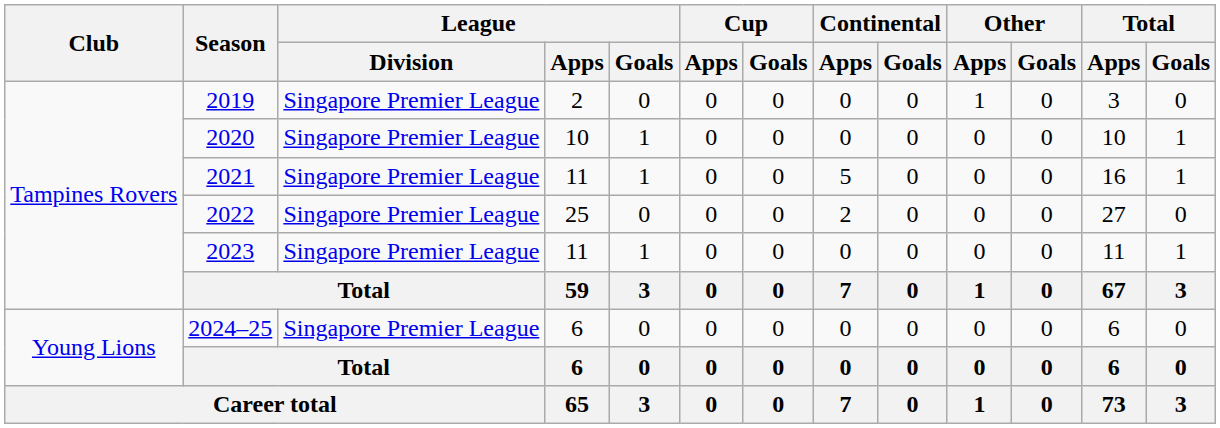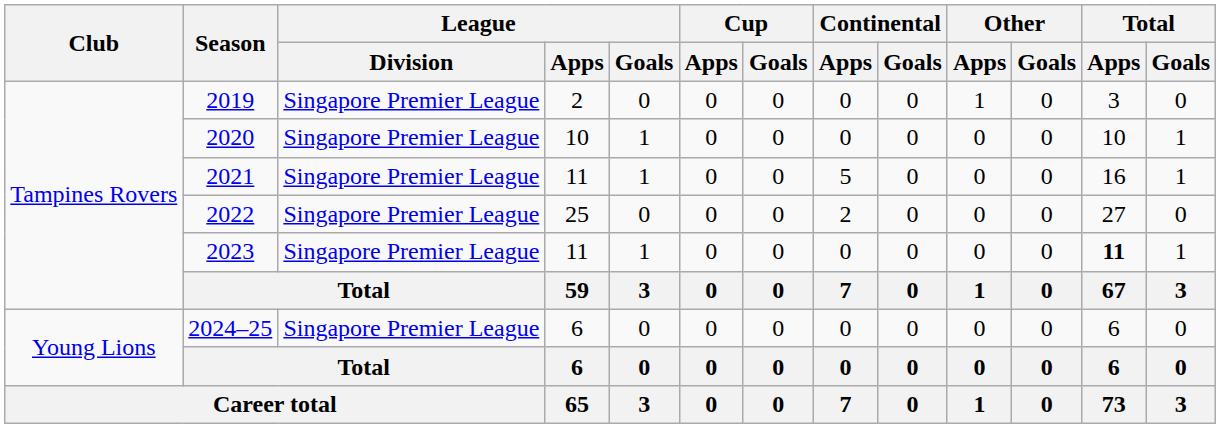 <table class="wikitable" style="text-align: center">
 <tr>
 <th rowspan="2">Club</th>
 <th rowspan="2">Season</th>
 <th colspan="3">League</th>
 <th colspan="2">Cup</th>
 <th colspan="2">Continental</th>
 <th colspan="2">Other</th>
 <th colspan="2">Total</th>
 </tr>
 <tr>
 <th>Division</th>
 <th>Apps</th>
 <th>Goals</th>
 <th>Apps</th>
 <th>Goals</th>
 <th>Apps</th>
 <th>Goals</th>
 <th>Apps</th>
 <th>Goals</th>
 <th>Apps</th>
 <th>Goals</th>
 </tr>
 <tr>
 <td rowspan="6"> <a href='#'>Tampines Rovers</a></td>
 <td><a href='#'>2019</a></td>
 <td><a href='#'>Singapore Premier League</a></td>
 <td>2</td>
 <td>0</td>
 <td>0</td>
 <td>0</td>
 <td>0</td>
 <td>0</td>
 <td>1</td>
 <td>0</td>
 <td>3</td>
 <td>0</td>
 </tr>
 <tr>
 <td><a href='#'>2020</a></td>
 <td><a href='#'>Singapore Premier League</a></td>
 <td>10</td>
 <td>1</td>
 <td>0</td>
 <td>0</td>
 <td>0</td>
 <td>0</td>
 <td>0</td>
 <td>0</td>
 <td>10</td>
 <td>1</td>
 </tr>
 <tr>
 <td><a href='#'>2021</a></td>
 <td><a href='#'>Singapore Premier League</a></td>
 <td>11</td>
 <td>1</td>
 <td>0</td>
 <td>0</td>
 <td>5</td>
 <td>0</td>
 <td>0</td>
 <td>0</td>
 <td>16</td>
 <td>1</td>
 </tr>
 <tr>
 <td><a href='#'>2022</a></td>
 <td><a href='#'>Singapore Premier League</a></td>
 <td>25</td>
 <td>0</td>
 <td>0</td>
 <td>0</td>
 <td>2</td>
 <td>0</td>
 <td>0</td>
 <td>0</td>
 <td>27</td>
 <td>0</td>
 </tr>
 <tr>
 <td><a href='#'>2023</a></td>
 <td><a href='#'>Singapore Premier League</a></td>
 <td>11</td>
 <td>1</td>
 <td>0</td>
 <td>0</td>
 <td>0</td>
 <td>0</td>
 <td>0</td>
 <td>0</td>
-<td>11</td>
+<td><strong>11</strong></td>
 <td>1</td>
 </tr>
 <tr>
 <th colspan=2>Total</th>
 <th>59</th>
 <th>3</th>
 <th>0</th>
 <th>0</th>
 <th>7</th>
 <th>0</th>
 <th>1</th>
 <th>0</th>
 <th>67</th>
 <th>3</th>
 </tr>
 <tr>
 <td rowspan="2"><a href='#'>Young Lions</a></td>
 <td><a href='#'>2024–25</a></td>
 <td><a href='#'>Singapore Premier League</a></td>
 <td>6</td>
 <td>0</td>
 <td>0</td>
 <td>0</td>
 <td>0</td>
 <td>0</td>
 <td>0</td>
 <td>0</td>
 <td>6</td>
 <td>0</td>
 </tr>
 <tr>
 <th colspan=2>Total</th>
 <th>6</th>
 <th>0</th>
 <th>0</th>
 <th>0</th>
 <th>0</th>
 <th>0</th>
 <th>0</th>
 <th>0</th>
 <th>6</th>
 <th>0</th>
 </tr>
 <tr>
 <th colspan=3>Career total</th>
 <th>65</th>
 <th>3</th>
 <th>0</th>
 <th>0</th>
 <th>7</th>
 <th>0</th>
 <th>1</th>
 <th>0</th>
 <th>73</th>
 <th>3</th>
 </tr>
 </table>
